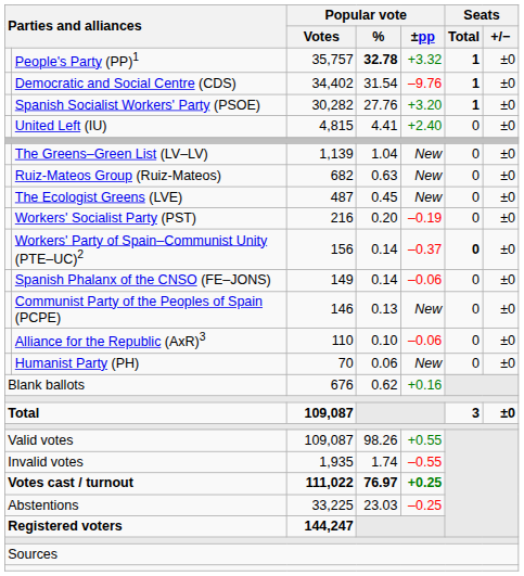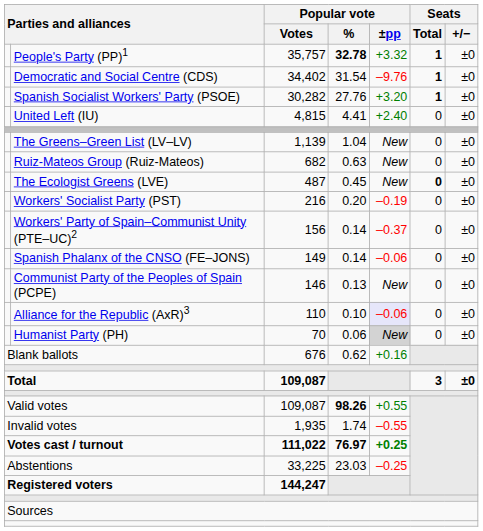 <table class="wikitable" style="text-align:right;">
 <tr>
 <th style="text-align:left;" rowspan="2" colspan="2" width="525">Parties and alliances</th>
 <th colspan="3">Popular vote</th>
 <th colspan="2">Seats</th>
 </tr>
 <tr>
 <th width="75">Votes</th>
 <th width="45">%</th>
 <th width="45">±<a href='#'>pp</a></th>
 <th width="35">Total</th>
 <th width="35">+/−</th>
 </tr>
 <tr>
 <td width="1" style="color:inherit;background:"></td>
 <td align="left"><a href='#'>People's Party</a> (PP)<sup>1</sup></td>
 <td>35,757</td>
 <td><strong>32.78</strong></td>
 <td style="color:green;">+3.32</td>
 <td><strong>1</strong></td>
 <td>±0</td>
 </tr>
 <tr>
 <td style="color:inherit;background:"></td>
 <td align="left"><a href='#'>Democratic and Social Centre</a> (CDS)</td>
 <td>34,402</td>
 <td>31.54</td>
 <td style="color:red;">–9.76</td>
 <td><strong>1</strong></td>
 <td>±0</td>
 </tr>
 <tr>
 <td style="color:inherit;background:"></td>
 <td align="left"><a href='#'>Spanish Socialist Workers' Party</a> (PSOE)</td>
 <td>30,282</td>
 <td>27.76</td>
 <td style="color:green;">+3.20</td>
 <td><strong>1</strong></td>
 <td>±0</td>
 </tr>
 <tr>
 <td style="color:inherit;background:"></td>
 <td align="left"><a href='#'>United Left</a> (IU)</td>
 <td>4,815</td>
 <td>4.41</td>
 <td style="color:green;">+2.40</td>
 <td>0</td>
 <td>±0</td>
 </tr>
 <tr>
 <td colspan="7" bgcolor="#C0C0C0"></td>
 </tr>
 <tr>
 <td style="color:inherit;background:"></td>
 <td align="left"><a href='#'>The Greens–Green List</a> (LV–LV)</td>
 <td>1,139</td>
 <td>1.04</td>
 <td><em>New</em></td>
 <td>0</td>
 <td>±0</td>
 </tr>
 <tr>
 <td style="color:inherit;background:"></td>
 <td align="left"><a href='#'>Ruiz-Mateos Group</a> (Ruiz-Mateos)</td>
 <td>682</td>
 <td>0.63</td>
 <td><em>New</em></td>
 <td>0</td>
 <td>±0</td>
 </tr>
 <tr>
 <td style="color:inherit;background:"></td>
 <td align="left"><a href='#'>The Ecologist Greens</a> (LVE)</td>
 <td>487</td>
 <td>0.45</td>
 <td><em>New</em></td>
-<td>0</td>
+<td><strong>0</strong></td>
 <td>±0</td>
 </tr>
 <tr>
 <td style="color:inherit;background:"></td>
 <td align="left"><a href='#'>Workers' Socialist Party</a> (PST)</td>
 <td>216</td>
 <td>0.20</td>
 <td style="color:red;">–0.19</td>
 <td>0</td>
 <td>±0</td>
 </tr>
 <tr>
 <td style="color:inherit;background:"></td>
 <td align="left"><a href='#'>Workers' Party of Spain–Communist Unity</a> (PTE–UC)<sup>2</sup></td>
 <td>156</td>
 <td>0.14</td>
 <td style="color:red;">–0.37</td>
-<td><strong>0</strong></td>
+<td>0</td>
 <td>±0</td>
 </tr>
 <tr>
 <td style="color:inherit;background:"></td>
 <td align="left"><a href='#'>Spanish Phalanx of the CNSO</a> (FE–JONS)</td>
 <td>149</td>
 <td>0.14</td>
 <td style="color:red;">–0.06</td>
 <td>0</td>
 <td>±0</td>
 </tr>
 <tr>
 <td style="color:inherit;background:"></td>
 <td align="left"><a href='#'>Communist Party of the Peoples of Spain</a> (PCPE)</td>
 <td>146</td>
 <td>0.13</td>
 <td><em>New</em></td>
 <td>0</td>
 <td>±0</td>
 </tr>
 <tr>
 <td style="color:inherit;background:"></td>
 <td align="left"><a href='#'>Alliance for the Republic</a> (AxR)<sup>3</sup></td>
 <td>110</td>
 <td>0.10</td>
-<td style="color:red;">–0.06</td>
+<td style="background: lavender; color:red;">–0.06</td>
 <td>0</td>
 <td>±0</td>
 </tr>
 <tr>
 <td style="color:inherit;background:"></td>
 <td align="left"><a href='#'>Humanist Party</a> (PH)</td>
 <td>70</td>
 <td>0.06</td>
-<td><em>New</em></td>
+<td style="background: lightgrey;"><em>New</em></td>
 <td>0</td>
 <td>±0</td>
 </tr>
 <tr>
 <td align="left" colspan="2">Blank ballots</td>
 <td>676</td>
 <td>0.62</td>
 <td style="color:green;">+0.16</td>
 <td bgcolor="#E9E9E9" colspan="2"></td>
 </tr>
 <tr>
 <td colspan="7" bgcolor="#E9E9E9"></td>
 </tr>
 <tr style="font-weight:bold;">
 <td align="left" colspan="2">Total</td>
 <td>109,087</td>
 <td bgcolor="#E9E9E9" colspan="2"></td>
 <td>3</td>
 <td>±0</td>
 </tr>
 <tr>
 <td colspan="7" bgcolor="#E9E9E9"></td>
 </tr>
 <tr>
 <td align="left" colspan="2">Valid votes</td>
 <td>109,087</td>
-<td>98.26</td>
+<td><strong>98.26</strong></td>
 <td style="color:green;">+0.55</td>
 <td bgcolor="#E9E9E9" colspan="2" rowspan="5"></td>
 </tr>
 <tr>
 <td align="left" colspan="2">Invalid votes</td>
 <td>1,935</td>
 <td>1.74</td>
 <td style="color:red;">–0.55</td>
 </tr>
 <tr style="font-weight:bold;">
 <td align="left" colspan="2">Votes cast / turnout</td>
 <td>111,022</td>
 <td>76.97</td>
 <td style="color:green;">+0.25</td>
 </tr>
 <tr>
 <td align="left" colspan="2">Abstentions</td>
 <td>33,225</td>
 <td>23.03</td>
 <td style="color:red;">–0.25</td>
 </tr>
 <tr style="font-weight:bold;">
 <td align="left" colspan="2">Registered voters</td>
 <td>144,247</td>
 <td bgcolor="#E9E9E9" colspan="2"></td>
 </tr>
 <tr>
 <td colspan="7" bgcolor="#E9E9E9"></td>
 </tr>
 <tr>
 <td align="left" colspan="7">Sources</td>
 </tr>
 <tr>
 <td colspan="7" style="text-align:left; max-width:790px;"></td>
 </tr>
 </table>
